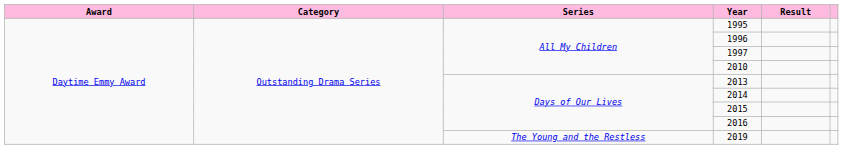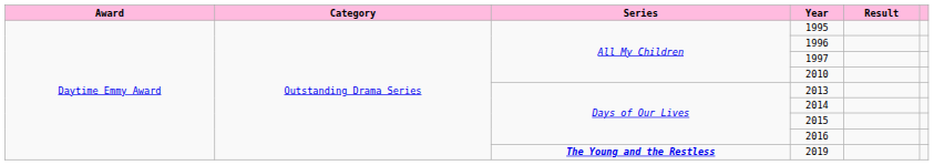 <table class=wikitable  style="width:100%">
 <tr>
 <th style="background:#FFBBDF;">Award</th>
 <th style="background:#FFBBDF;">Category</th>
 <th style="background:#FFBBDF;">Series</th>
 <th style="background:#FFBBDF;">Year</th>
 <th style="background:#FFBBDF;">Result</th>
 <th style="background:#FFBBDF;"></th>
 </tr>
 <tr>
 <td rowspan="9" align="center"><a href='#'>Daytime Emmy Award</a></td>
 <td rowspan="9" align="center"><a href='#'>Outstanding Drama Series</a></td>
 <td rowspan="4" align="center"><em><a href='#'>All My Children</a></em></td>
 <td align=center>1995</td>
 <td></td>
 <td align=center></td>
 </tr>
 <tr>
 <td align=center>1996</td>
 <td></td>
 <td align=center></td>
 </tr>
 <tr>
 <td align=center>1997</td>
 <td></td>
 <td align=center></td>
 </tr>
 <tr>
 <td align=center>2010</td>
 <td></td>
 <td align=center></td>
 </tr>
 <tr>
 <td rowspan="4" align="center"><em><a href='#'>Days of Our Lives</a></em></td>
 <td align=center>2013</td>
 <td></td>
 <td align=center></td>
 </tr>
 <tr>
 <td align=center>2014</td>
 <td></td>
 <td align=center></td>
 </tr>
 <tr>
 <td align=center>2015</td>
 <td></td>
 <td align=center></td>
 </tr>
 <tr>
 <td align=center>2016</td>
 <td></td>
 <td align=center></td>
 </tr>
 <tr>
-<td align="center"><em><a href='#'>The Young and the Restless</a></em></td>
+<td align="center"><strong><em><a href='#'>The Young and the Restless</a></em></strong></td>
 <td align=center>2019</td>
 <td></td>
 <td align=center></td>
 </tr>
 </table>
